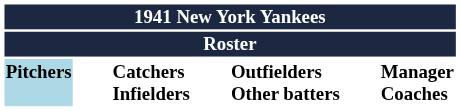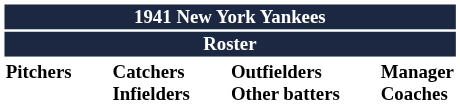 <table class="toccolours" style="font-size: 95%;">
 <tr>
 <th colspan="10" style="background-color: #1c2841; color: white; text-align: center;">1941 New York Yankees</th>
 </tr>
 <tr>
 <td colspan="10" style="background-color: #1c2841; color: white; text-align: center;"><strong>Roster</strong></td>
 </tr>
 <tr>
-<td valign="top" style="background: lightblue;"><strong>Pitchers</strong><br>           </td>
+<td valign="top"><strong>Pitchers</strong><br>           </td>
 <td width="25px"></td>
 <td valign="top"><strong>Catchers</strong><br>   <strong>Infielders</strong>      </td>
 <td width="25px"></td>
 <td valign="top"><strong>Outfielders</strong><br>     <strong>Other batters</strong> </td>
 <td width="25px"></td>
 <td valign="top"><strong>Manager</strong><br> <strong>Coaches</strong>   </td>
 </tr>
 </table>
